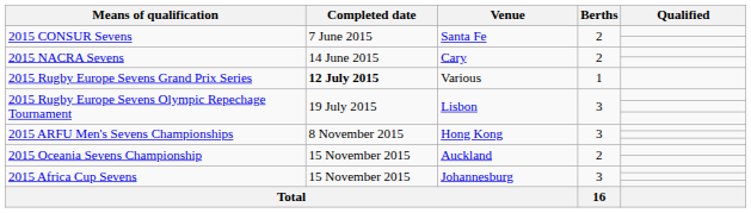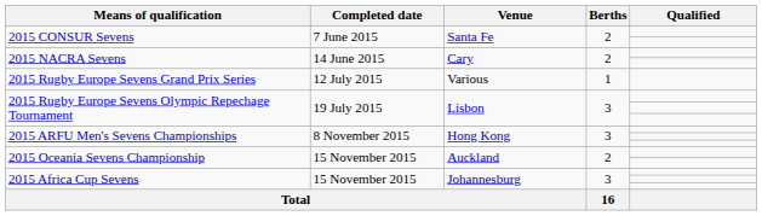 <table class="wikitable" width=900>
 <tr>
 <th width=41%>Means of qualification</th>
 <th width=18%>Completed date</th>
 <th width=19%>Venue</th>
 <th width=5%>Berths</th>
 <th width=17%>Qualified</th>
 </tr>
 <tr>
 <td rowspan="2"><a href='#'>2015 CONSUR Sevens</a></td>
 <td rowspan="2">7 June 2015</td>
 <td rowspan="2"> <a href='#'>Santa Fe</a></td>
 <td rowspan="2" align=center>2</td>
 <td></td>
 </tr>
 <tr>
 <td></td>
 </tr>
 <tr>
 <td rowspan="2"><a href='#'>2015 NACRA Sevens</a></td>
 <td rowspan="2">14 June 2015</td>
 <td rowspan="2"> <a href='#'>Cary</a></td>
 <td rowspan="2" align=center>2</td>
 <td></td>
 </tr>
 <tr>
 <td></td>
 </tr>
 <tr>
 <td><a href='#'>2015 Rugby Europe Sevens Grand Prix Series</a></td>
-<td><strong>12 July 2015</strong></td>
+<td>12 July 2015</td>
 <td>Various</td>
 <td align=center>1</td>
 <td></td>
 </tr>
 <tr>
 <td rowspan="3"><a href='#'>2015 Rugby Europe Sevens Olympic Repechage Tournament</a></td>
 <td rowspan="3">19 July 2015</td>
 <td rowspan="3"> <a href='#'>Lisbon</a></td>
 <td rowspan="3" align=center>3</td>
 <td></td>
 </tr>
 <tr>
 <td></td>
 </tr>
 <tr>
 <td></td>
 </tr>
 <tr>
 <td rowspan="3"><a href='#'>2015 ARFU Men's Sevens Championships</a></td>
 <td rowspan="3">8 November 2015</td>
 <td rowspan="3"> <a href='#'>Hong Kong</a></td>
 <td rowspan="3" align=center>3</td>
 <td></td>
 </tr>
 <tr>
 <td></td>
 </tr>
 <tr>
 <td></td>
 </tr>
 <tr>
 <td rowspan="2"><a href='#'>2015 Oceania Sevens Championship</a></td>
 <td rowspan="2">15 November 2015</td>
 <td rowspan="2"> <a href='#'>Auckland</a></td>
 <td rowspan="2" align=center>2</td>
 <td></td>
 </tr>
 <tr>
 <td></td>
 </tr>
 <tr>
 <td rowspan="3"><a href='#'>2015 Africa Cup Sevens</a></td>
 <td rowspan="3">15 November 2015</td>
 <td rowspan="3"> <a href='#'>Johannesburg</a></td>
 <td rowspan="3" align=center>3</td>
 <td></td>
 </tr>
 <tr>
 <td></td>
 </tr>
 <tr>
 <td></td>
 </tr>
 <tr>
 <th colspan=3>Total</th>
 <th>16</th>
 <th></th>
 </tr>
 </table>
